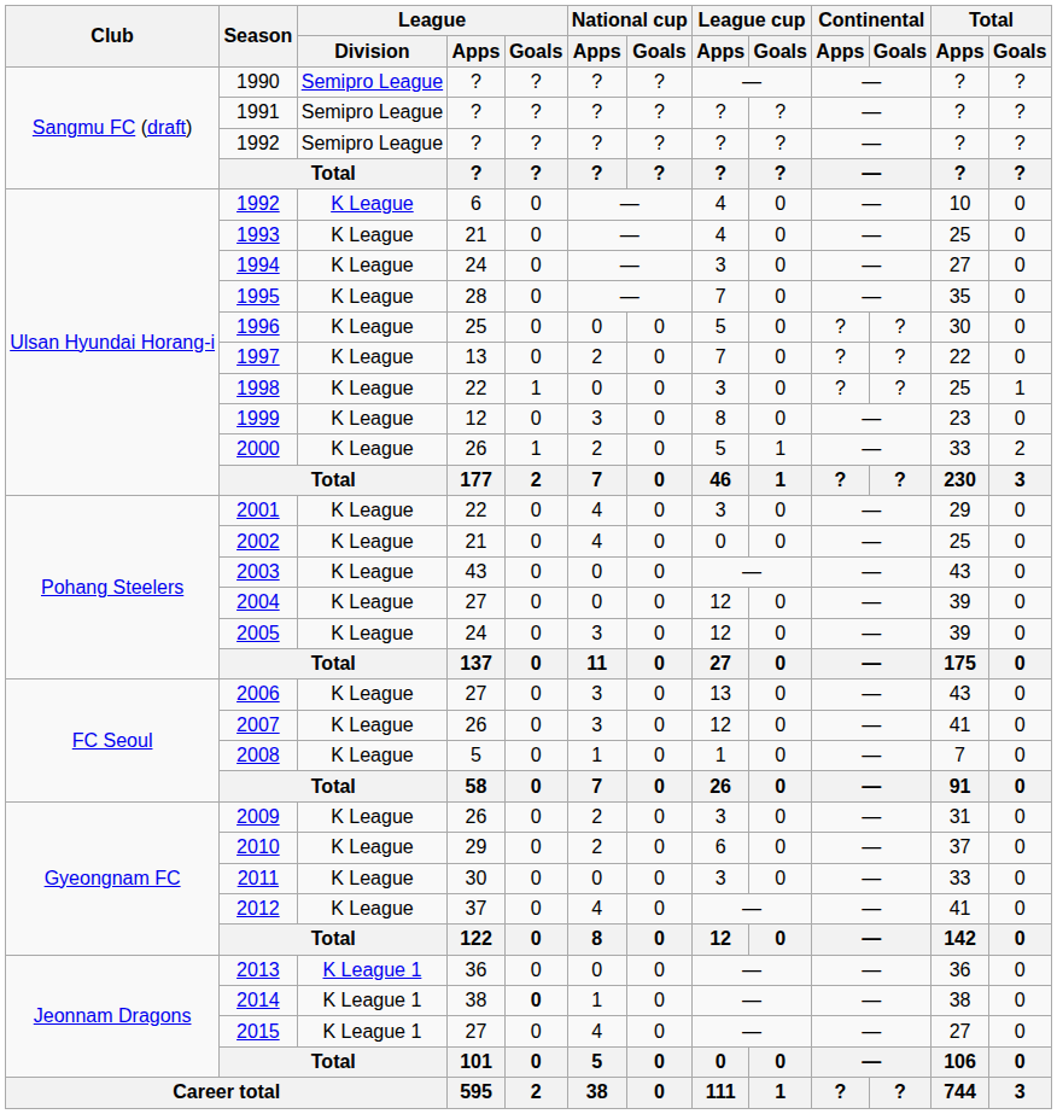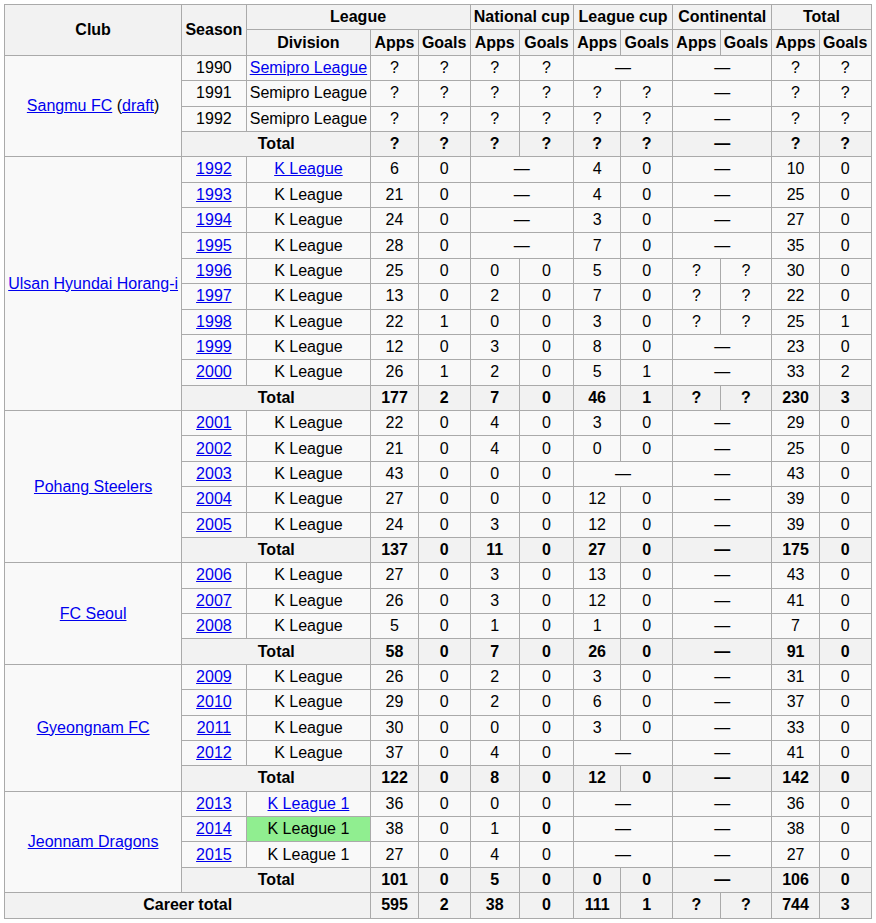 <table class="wikitable" style="text-align:center">
 <tr>
 <th rowspan=2>Club</th>
 <th rowspan=2>Season</th>
 <th colspan=3>League</th>
 <th colspan=2>National cup</th>
 <th colspan=2>League cup</th>
 <th colspan=2>Continental</th>
 <th colspan=2>Total</th>
 </tr>
 <tr>
 <th>Division</th>
 <th>Apps</th>
 <th>Goals</th>
 <th>Apps</th>
 <th>Goals</th>
 <th>Apps</th>
 <th>Goals</th>
 <th>Apps</th>
 <th>Goals</th>
 <th>Apps</th>
 <th>Goals</th>
 </tr>
 <tr>
 <td rowspan=4><a href='#'>Sangmu FC</a> (<a href='#'>draft</a>)</td>
 <td>1990</td>
 <td><a href='#'>Semipro League</a></td>
 <td>?</td>
 <td>?</td>
 <td>?</td>
 <td>?</td>
 <td colspan=2>—</td>
 <td colspan=2>—</td>
 <td>?</td>
 <td>?</td>
 </tr>
 <tr>
 <td>1991</td>
 <td>Semipro League</td>
 <td>?</td>
 <td>?</td>
 <td>?</td>
 <td>?</td>
 <td>?</td>
 <td>?</td>
 <td colspan=2>—</td>
 <td>?</td>
 <td>?</td>
 </tr>
 <tr>
 <td>1992</td>
 <td>Semipro League</td>
 <td>?</td>
 <td>?</td>
 <td>?</td>
 <td>?</td>
 <td>?</td>
 <td>?</td>
 <td colspan=2>—</td>
 <td>?</td>
 <td>?</td>
 </tr>
 <tr>
 <th colspan=2>Total</th>
 <th>?</th>
 <th>?</th>
 <th>?</th>
 <th>?</th>
 <th>?</th>
 <th>?</th>
 <th colspan=2>—</th>
 <th>?</th>
 <th>?</th>
 </tr>
 <tr>
 <td rowspan="10"><a href='#'>Ulsan Hyundai Horang-i</a></td>
 <td><a href='#'>1992</a></td>
 <td><a href='#'>K League</a></td>
 <td>6</td>
 <td>0</td>
 <td colspan="2">—</td>
 <td>4</td>
 <td>0</td>
 <td colspan="2">—</td>
 <td>10</td>
 <td>0</td>
 </tr>
 <tr>
 <td><a href='#'>1993</a></td>
 <td>K League</td>
 <td>21</td>
 <td>0</td>
 <td colspan="2">—</td>
 <td>4</td>
 <td>0</td>
 <td colspan="2">—</td>
 <td>25</td>
 <td>0</td>
 </tr>
 <tr>
 <td><a href='#'>1994</a></td>
 <td>K League</td>
 <td>24</td>
 <td>0</td>
 <td colspan="2">—</td>
 <td>3</td>
 <td>0</td>
 <td colspan="2">—</td>
 <td>27</td>
 <td>0</td>
 </tr>
 <tr>
 <td><a href='#'>1995</a></td>
 <td>K League</td>
 <td>28</td>
 <td>0</td>
 <td colspan="2">—</td>
 <td>7</td>
 <td>0</td>
 <td colspan="2">—</td>
 <td>35</td>
 <td>0</td>
 </tr>
 <tr>
 <td><a href='#'>1996</a></td>
 <td>K League</td>
 <td>25</td>
 <td>0</td>
 <td>0</td>
 <td>0</td>
 <td>5</td>
 <td>0</td>
 <td>?</td>
 <td>?</td>
 <td>30</td>
 <td>0</td>
 </tr>
 <tr>
 <td><a href='#'>1997</a></td>
 <td>K League</td>
 <td>13</td>
 <td>0</td>
 <td>2</td>
 <td>0</td>
 <td>7</td>
 <td>0</td>
 <td>?</td>
 <td>?</td>
 <td>22</td>
 <td>0</td>
 </tr>
 <tr>
 <td><a href='#'>1998</a></td>
 <td>K League</td>
 <td>22</td>
 <td>1</td>
 <td>0</td>
 <td>0</td>
 <td>3</td>
 <td>0</td>
 <td>?</td>
 <td>?</td>
 <td>25</td>
 <td>1</td>
 </tr>
 <tr>
 <td><a href='#'>1999</a></td>
 <td>K League</td>
 <td>12</td>
 <td>0</td>
 <td>3</td>
 <td>0</td>
 <td>8</td>
 <td>0</td>
 <td colspan="2">—</td>
 <td>23</td>
 <td>0</td>
 </tr>
 <tr>
 <td><a href='#'>2000</a></td>
 <td>K League</td>
 <td>26</td>
 <td>1</td>
 <td>2</td>
 <td>0</td>
 <td>5</td>
 <td>1</td>
 <td colspan="2">—</td>
 <td>33</td>
 <td>2</td>
 </tr>
 <tr>
 <th colspan=2>Total</th>
 <th>177</th>
 <th>2</th>
 <th>7</th>
 <th>0</th>
 <th>46</th>
 <th>1</th>
 <th>?</th>
 <th>?</th>
 <th>230</th>
 <th>3</th>
 </tr>
 <tr>
 <td rowspan="6"><a href='#'>Pohang Steelers</a></td>
 <td><a href='#'>2001</a></td>
 <td>K League</td>
 <td>22</td>
 <td>0</td>
 <td>4</td>
 <td>0</td>
 <td>3</td>
 <td>0</td>
 <td colspan="2">—</td>
 <td>29</td>
 <td>0</td>
 </tr>
 <tr>
 <td><a href='#'>2002</a></td>
 <td>K League</td>
 <td>21</td>
 <td>0</td>
 <td>4</td>
 <td>0</td>
 <td>0</td>
 <td>0</td>
 <td colspan="2">—</td>
 <td>25</td>
 <td>0</td>
 </tr>
 <tr>
 <td><a href='#'>2003</a></td>
 <td>K League</td>
 <td>43</td>
 <td>0</td>
 <td>0</td>
 <td>0</td>
 <td colspan="2">—</td>
 <td colspan="2">—</td>
 <td>43</td>
 <td>0</td>
 </tr>
 <tr>
 <td><a href='#'>2004</a></td>
 <td>K League</td>
 <td>27</td>
 <td>0</td>
 <td>0</td>
 <td>0</td>
 <td>12</td>
 <td>0</td>
 <td colspan="2">—</td>
 <td>39</td>
 <td>0</td>
 </tr>
 <tr>
 <td><a href='#'>2005</a></td>
 <td>K League</td>
 <td>24</td>
 <td>0</td>
 <td>3</td>
 <td>0</td>
 <td>12</td>
 <td>0</td>
 <td colspan="2">—</td>
 <td>39</td>
 <td>0</td>
 </tr>
 <tr>
 <th colspan=2>Total</th>
 <th>137</th>
 <th>0</th>
 <th>11</th>
 <th>0</th>
 <th>27</th>
 <th>0</th>
 <th colspan="2">—</th>
 <th>175</th>
 <th>0</th>
 </tr>
 <tr>
 <td rowspan="4"><a href='#'>FC Seoul</a></td>
 <td><a href='#'>2006</a></td>
 <td>K League</td>
 <td>27</td>
 <td>0</td>
 <td>3</td>
 <td>0</td>
 <td>13</td>
 <td>0</td>
 <td colspan="2">—</td>
 <td>43</td>
 <td>0</td>
 </tr>
 <tr>
 <td><a href='#'>2007</a></td>
 <td>K League</td>
 <td>26</td>
 <td>0</td>
 <td>3</td>
 <td>0</td>
 <td>12</td>
 <td>0</td>
 <td colspan="2">—</td>
 <td>41</td>
 <td>0</td>
 </tr>
 <tr>
 <td><a href='#'>2008</a></td>
 <td>K League</td>
 <td>5</td>
 <td>0</td>
 <td>1</td>
 <td>0</td>
 <td>1</td>
 <td>0</td>
 <td colspan="2">—</td>
 <td>7</td>
 <td>0</td>
 </tr>
 <tr>
 <th colspan=2>Total</th>
 <th>58</th>
 <th>0</th>
 <th>7</th>
 <th>0</th>
 <th>26</th>
 <th>0</th>
 <th colspan="2">—</th>
 <th>91</th>
 <th>0</th>
 </tr>
 <tr>
 <td rowspan="5"><a href='#'>Gyeongnam FC</a></td>
 <td><a href='#'>2009</a></td>
 <td>K League</td>
 <td>26</td>
 <td>0</td>
 <td>2</td>
 <td>0</td>
 <td>3</td>
 <td>0</td>
 <td colspan="2">—</td>
 <td>31</td>
 <td>0</td>
 </tr>
 <tr>
 <td><a href='#'>2010</a></td>
 <td>K League</td>
 <td>29</td>
 <td>0</td>
 <td>2</td>
 <td>0</td>
 <td>6</td>
 <td>0</td>
 <td colspan="2">—</td>
 <td>37</td>
 <td>0</td>
 </tr>
 <tr>
 <td><a href='#'>2011</a></td>
 <td>K League</td>
 <td>30</td>
 <td>0</td>
 <td>0</td>
 <td>0</td>
 <td>3</td>
 <td>0</td>
 <td colspan="2">—</td>
 <td>33</td>
 <td>0</td>
 </tr>
 <tr>
 <td><a href='#'>2012</a></td>
 <td>K League</td>
 <td>37</td>
 <td>0</td>
 <td>4</td>
 <td>0</td>
 <td colspan="2">—</td>
 <td colspan="2">—</td>
 <td>41</td>
 <td>0</td>
 </tr>
 <tr>
 <th colspan=2>Total</th>
 <th>122</th>
 <th>0</th>
 <th>8</th>
 <th>0</th>
 <th>12</th>
 <th>0</th>
 <th colspan="2">—</th>
 <th>142</th>
 <th>0</th>
 </tr>
 <tr>
 <td rowspan="4"><a href='#'>Jeonnam Dragons</a></td>
 <td><a href='#'>2013</a></td>
 <td><a href='#'>K League 1</a></td>
 <td>36</td>
 <td>0</td>
 <td>0</td>
 <td>0</td>
 <td colspan="2">—</td>
 <td colspan="2">—</td>
 <td>36</td>
 <td>0</td>
 </tr>
 <tr>
 <td><a href='#'>2014</a></td>
-<td>K League 1</td>
+<td style="background: lightgreen;">K League 1</td>
 <td>38</td>
+<td>0</td>
+<td>1</td>
 <td><strong>0</strong></td>
-<td>1</td>
-<td>0</td>
 <td colspan="2">—</td>
 <td colspan="2">—</td>
 <td>38</td>
 <td>0</td>
 </tr>
 <tr>
 <td><a href='#'>2015</a></td>
 <td>K League 1</td>
 <td>27</td>
 <td>0</td>
 <td>4</td>
 <td>0</td>
 <td colspan="2">—</td>
 <td colspan="2">—</td>
 <td>27</td>
 <td>0</td>
 </tr>
 <tr>
 <th colspan=2>Total</th>
 <th>101</th>
 <th>0</th>
 <th>5</th>
 <th>0</th>
 <th>0</th>
 <th>0</th>
 <th colspan="2">—</th>
 <th>106</th>
 <th>0</th>
 </tr>
 <tr>
 <th colspan=3>Career total</th>
 <th>595</th>
 <th>2</th>
 <th>38</th>
 <th>0</th>
 <th>111</th>
 <th>1</th>
 <th>?</th>
 <th>?</th>
 <th>744</th>
 <th>3</th>
 </tr>
 </table>
